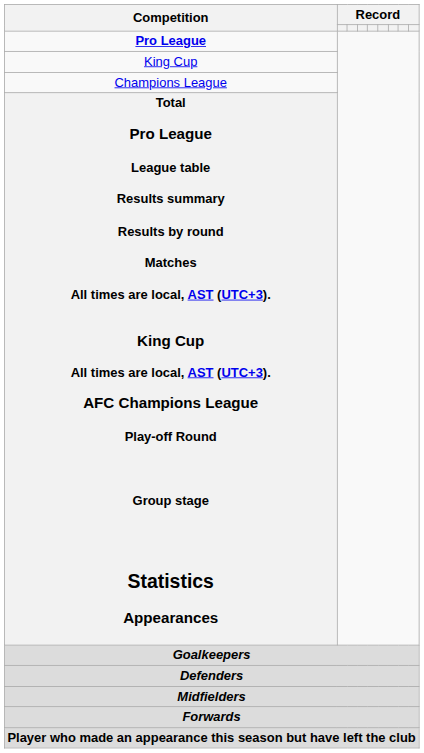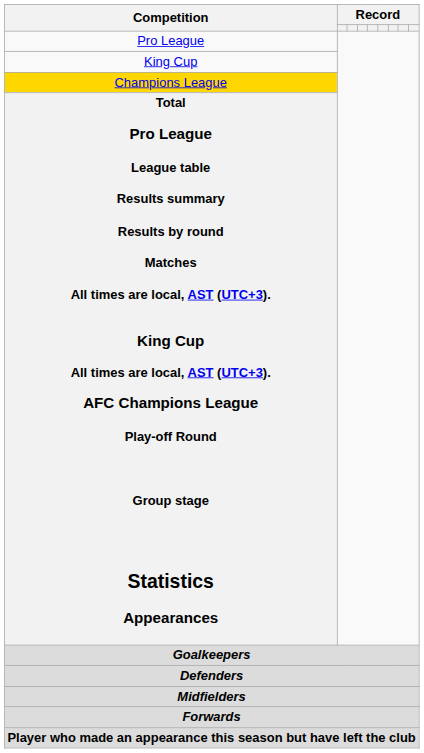 <table class="wikitable" style="text-align: center">
 <tr>
 <th rowspan=2>Competition</th>
 <th colspan=8>Record</th>
 </tr>
 <tr>
 <th></th>
 <th></th>
 <th></th>
 <th></th>
 <th></th>
 <th></th>
 <th></th>
 <th></th>
 </tr>
 <tr>
-<td><strong><a href='#'>Pro League</a><br></strong></td>
+<td><a href='#'>Pro League</a><br></td>
 </tr>
 <tr>
 <td><a href='#'>King Cup</a><br></td>
 </tr>
 <tr>
-<td><a href='#'>Champions League</a><br></td>
+<td style="background: gold;"><a href='#'>Champions League</a><br></td>
 </tr>
 <tr>
 <th>Total<br> <h3>Pro League</h3><h4>League table</h4><h4>Results summary</h4> <h4>Results by round</h4><h4>Matches</h4>All times are local, <a href='#'>AST</a> (<a href='#'>UTC+3</a>).<br>   <br>                             <h3>King Cup</h3> All times are local, <a href='#'>AST</a> (<a href='#'>UTC+3</a>).<br> <h3>AFC Champions League</h3><h4>Play-off Round</h4><br><h4>Group stage</h4><br><br>     <h2>Statistics</h2><h3>Appearances</h3></th>
 </tr>
 <tr>
 <th colspan=18 style=background:#dcdcdc; text-align:center><em>Goalkeepers</em><br>  </th>
 </tr>
 <tr>
 <th colspan=18 style=background:#dcdcdc; text-align:center><em>Defenders</em><br>          </th>
 </tr>
 <tr>
 <th colspan=18 style=background:#dcdcdc; text-align:center><em>Midfielders</em><br>             </th>
 </tr>
 <tr>
 <th colspan=18 style=background:#dcdcdc; text-align:center><em>Forwards</em><br>    </th>
 </tr>
 <tr>
 <th colspan=18 style=background:#dcdcdc; text-align:center>Player who made an appearance this season but have left the club<br>       </th>
 </tr>
 </table>
